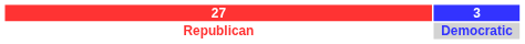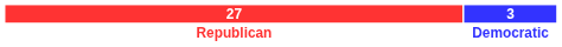 <table style="width:50%">
 <tr>
 <td scope="row" colspan="3" style="text-align:center"></td>
 </tr>
 <tr>
 <td scope="row" style="background:#F33; width:83.3%; text-align:center; color:white"><strong>27</strong></td>
 <td style="background:#33F; width:16.7%; text-align:center; color:white"><strong>3</strong></td>
 </tr>
 <tr>
 <td scope="row" style="text-align:center; color:#F33"><strong>Republican</strong></td>
-<td style="background: lightgrey; text-align:center; color:#33F"><strong>Democratic</strong></td>
+<td style="text-align:center; color:#33F"><strong>Democratic</strong></td>
 </tr>
 </table>
